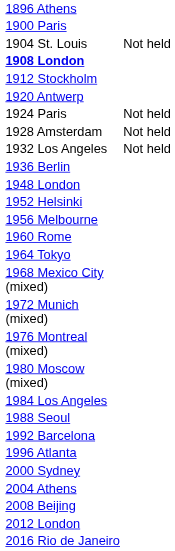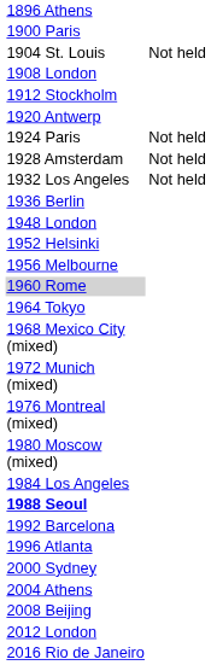 <table>
 <tr>
 <td><a href='#'>1896 Athens</a><br></td>
 <td></td>
 <td></td>
 <td></td>
 </tr>
 <tr>
 <td><a href='#'>1900 Paris</a><br></td>
 <td></td>
 <td></td>
 <td></td>
 </tr>
 <tr>
 <td>1904 St. Louis</td>
 <td colspan=3 align=center>Not held</td>
 </tr>
 <tr>
-<td><strong><a href='#'>1908 London</a><br></strong></td>
+<td><a href='#'>1908 London</a><br></td>
 <td></td>
 <td></td>
 <td></td>
 </tr>
 <tr>
 <td><a href='#'>1912 Stockholm</a><br></td>
 <td></td>
 <td></td>
 <td></td>
 </tr>
 <tr>
 <td><a href='#'>1920 Antwerp</a><br></td>
 <td></td>
 <td></td>
 <td></td>
 </tr>
 <tr>
 <td>1924 Paris</td>
 <td colspan=3 align=center>Not held</td>
 </tr>
 <tr>
 <td>1928 Amsterdam</td>
 <td colspan=3 align=center>Not held</td>
 </tr>
 <tr>
 <td>1932 Los Angeles</td>
 <td colspan=3 align=center>Not held</td>
 </tr>
 <tr>
 <td><a href='#'>1936 Berlin</a><br></td>
 <td></td>
 <td></td>
 <td></td>
 </tr>
 <tr>
 <td><a href='#'>1948 London</a><br></td>
 <td></td>
 <td></td>
 <td></td>
 </tr>
 <tr>
 <td><a href='#'>1952 Helsinki</a><br></td>
 <td></td>
 <td></td>
 <td></td>
 </tr>
 <tr>
 <td><a href='#'>1956 Melbourne</a><br></td>
 <td></td>
 <td></td>
 <td></td>
 </tr>
 <tr>
-<td><a href='#'>1960 Rome</a><br></td>
+<td style="background: lightgrey;"><a href='#'>1960 Rome</a><br></td>
 <td></td>
 <td></td>
 <td></td>
 </tr>
 <tr>
 <td><a href='#'>1964 Tokyo</a><br></td>
 <td></td>
 <td></td>
 <td></td>
 </tr>
 <tr>
 <td><a href='#'>1968 Mexico City</a><br> (mixed)</td>
 <td></td>
 <td></td>
 <td></td>
 </tr>
 <tr>
 <td><a href='#'>1972 Munich</a><br> (mixed)</td>
 <td></td>
 <td></td>
 <td></td>
 </tr>
 <tr>
 <td><a href='#'>1976 Montreal</a><br> (mixed)</td>
 <td></td>
 <td></td>
 <td></td>
 </tr>
 <tr>
 <td><a href='#'>1980 Moscow</a><br> (mixed)</td>
 <td></td>
 <td></td>
 <td></td>
 </tr>
 <tr>
 <td><a href='#'>1984 Los Angeles</a><br></td>
 <td></td>
 <td></td>
 <td></td>
 </tr>
 <tr>
-<td><a href='#'>1988 Seoul</a><br></td>
+<td><strong><a href='#'>1988 Seoul</a><br></strong></td>
 <td></td>
 <td></td>
 <td></td>
 </tr>
 <tr>
 <td><a href='#'>1992 Barcelona</a><br></td>
 <td></td>
 <td></td>
 <td></td>
 </tr>
 <tr>
 <td><a href='#'>1996 Atlanta</a><br></td>
 <td></td>
 <td></td>
 <td></td>
 </tr>
 <tr>
 <td><a href='#'>2000 Sydney</a><br></td>
 <td></td>
 <td></td>
 <td></td>
 </tr>
 <tr>
 <td><a href='#'>2004 Athens</a><br></td>
 <td></td>
 <td></td>
 <td></td>
 </tr>
 <tr>
 <td><a href='#'>2008 Beijing</a><br></td>
 <td></td>
 <td></td>
 <td></td>
 </tr>
 <tr>
 <td><a href='#'>2012 London</a><br></td>
 <td></td>
 <td></td>
 <td></td>
 </tr>
 <tr>
 <td><a href='#'>2016 Rio de Janeiro</a><br></td>
 <td></td>
 <td></td>
 <td></td>
 </tr>
 </table>
